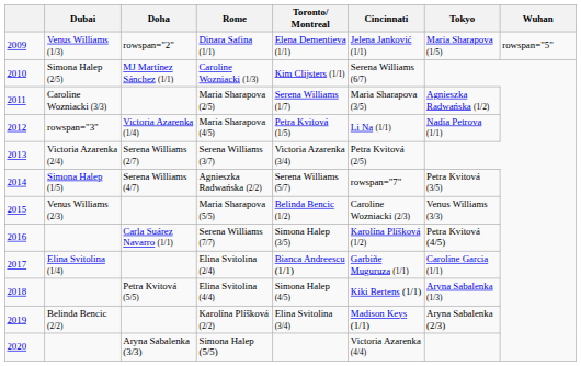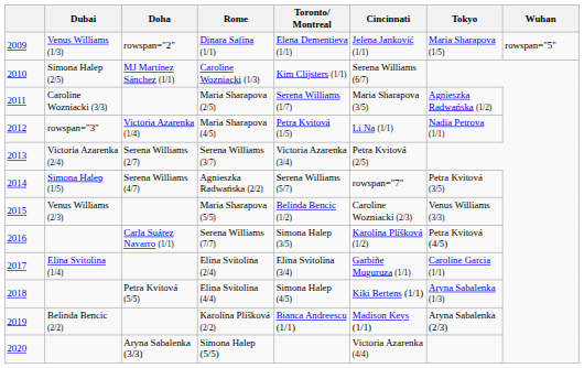 <table class="wikitable nowrap" style="font-size: 85%; text-align:left; border: #aaa solid 1px; border-collapse: collapse;">
 <tr bgcolor="#ececec">
 <th width=50></th>
 <th width=100>Dubai</th>
 <th width=100>Doha</th>
 <th width=100>Rome</th>
 <th width=100>Toronto/ Montreal</th>
 <th width=100>Cincinnati</th>
 <th width=100>Tokyo</th>
 <th width=100>Wuhan</th>
 </tr>
 <tr>
 <td><a href='#'>2009</a></td>
 <td> <a href='#'>Venus Williams</a> <small>(1/3)</small></td>
 <td>rowspan="2" </td>
 <td> <a href='#'>Dinara Safina</a> <small>(1/1)</small></td>
 <td> <a href='#'>Elena Dementieva</a> <small>(1/1)</small></td>
 <td> <a href='#'>Jelena Janković</a> <small>(1/1)</small></td>
 <td> <a href='#'>Maria Sharapova</a> <small>(1/5)</small></td>
 <td>rowspan="5" </td>
 </tr>
 <tr>
 <td><a href='#'>2010</a></td>
 <td> Simona Halep <small>(2/5)</small></td>
 <td> <a href='#'>MJ Martínez Sánchez</a> <small>(1/1)</small></td>
 <td> <a href='#'>Caroline Wozniacki</a> <small>(1/3)</small></td>
 <td> <a href='#'>Kim Clijsters</a> <small>(1/1)</small></td>
 <td> Serena Williams <small>(6/7)</small></td>
 </tr>
 <tr>
 <td><a href='#'>2011</a></td>
 <td> Caroline Wozniacki <small>(3/3)</small></td>
 <td></td>
 <td> Maria Sharapova <small>(2/5)</small></td>
 <td> <a href='#'>Serena Williams</a> <small>(1/7)</small></td>
 <td> Maria Sharapova <small>(3/5)</small></td>
 <td> <a href='#'>Agnieszka Radwańska</a> <small>(1/2)</small></td>
 </tr>
 <tr>
 <td><a href='#'>2012</a></td>
 <td>rowspan="3" </td>
 <td> <a href='#'>Victoria Azarenka</a> <small>(1/4)</small></td>
 <td> Maria Sharapova <small>(4/5)</small></td>
 <td> <a href='#'>Petra Kvitová</a> <small>(1/5)</small></td>
 <td> <a href='#'>Li Na</a> <small>(1/1)</small></td>
 <td> <a href='#'>Nadia Petrova</a> <small>(1/1)</small></td>
 </tr>
 <tr>
 <td><a href='#'>2013</a></td>
 <td> Victoria Azarenka <small>(2/4)</small></td>
 <td> Serena Williams <small>(2/7)</small></td>
 <td> Serena Williams <small>(3/7)</small></td>
 <td> Victoria Azarenka <small>(3/4)</small></td>
 <td> Petra Kvitová <small>(2/5)</small></td>
 </tr>
 <tr>
 <td><a href='#'>2014</a></td>
 <td> <a href='#'>Simona Halep</a> <small>(1/5)</small></td>
 <td> Serena Williams <small>(4/7)</small></td>
 <td> Agnieszka Radwańska <small>(2/2)</small></td>
 <td> Serena Williams <small>(5/7)</small></td>
 <td>rowspan="7" </td>
 <td> Petra Kvitová <small>(3/5)</small></td>
 </tr>
 <tr>
 <td><a href='#'>2015</a></td>
 <td> Venus Williams <small>(2/3)</small></td>
 <td></td>
 <td> Maria Sharapova <small>(5/5)</small></td>
 <td> <a href='#'>Belinda Bencic</a> <small>(1/2)</small></td>
 <td> Caroline Wozniacki <small>(2/3)</small></td>
 <td> Venus Williams <small>(3/3)</small></td>
 </tr>
 <tr>
 <td><a href='#'>2016</a></td>
 <td></td>
 <td> <a href='#'>Carla Suárez Navarro</a> <small>(1/1)</small></td>
 <td> Serena Williams <small>(7/7)</small></td>
 <td> Simona Halep <small>(3/5)</small></td>
 <td> <a href='#'>Karolína Plíšková</a> <small>(1/2)</small></td>
 <td> Petra Kvitová (4/5)</td>
 </tr>
 <tr>
 <td><a href='#'>2017</a></td>
 <td> <a href='#'>Elina Svitolina</a> <small>(1/4)</small></td>
 <td></td>
 <td> Elina Svitolina <small>(2/4)</small></td>
-<td> <a href='#'>Bianca Andreescu</a> (1/1)</td>
+<td> Elina Svitolina <small>(3/4)</small></td>
 <td> <a href='#'>Garbiñe Muguruza</a> <small>(1/1)</small></td>
 <td> <a href='#'>Caroline Garcia</a> <small>(1/1)</small></td>
 </tr>
 <tr>
 <td><a href='#'>2018</a></td>
 <td></td>
 <td> Petra Kvitová <small>(5/5)</small></td>
 <td> Elina Svitolina <small>(4/4)</small></td>
 <td> Simona Halep <small>(4/5)</small></td>
 <td> <a href='#'>Kiki Bertens</a> (1/1)</td>
 <td> <a href='#'>Aryna Sabalenka</a> <small>(1/3)</small></td>
 </tr>
 <tr>
 <td><a href='#'>2019</a></td>
 <td> Belinda Bencic <small>(2/2)</small></td>
 <td></td>
 <td> Karolína Plíšková <small>(2/2)</small></td>
-<td> Elina Svitolina <small>(3/4)</small></td>
+<td> <a href='#'>Bianca Andreescu</a> (1/1)</td>
 <td> <a href='#'>Madison Keys</a> (1/1)</td>
 <td> Aryna Sabalenka (2/3)</td>
 </tr>
 <tr>
 <td><a href='#'>2020</a></td>
 <td></td>
 <td> Aryna Sabalenka (3/3)</td>
 <td> Simona Halep (5/5)</td>
 <td></td>
 <td> Victoria Azarenka <small>(4/4)</small></td>
 <td></td>
 </tr>
 </table>
